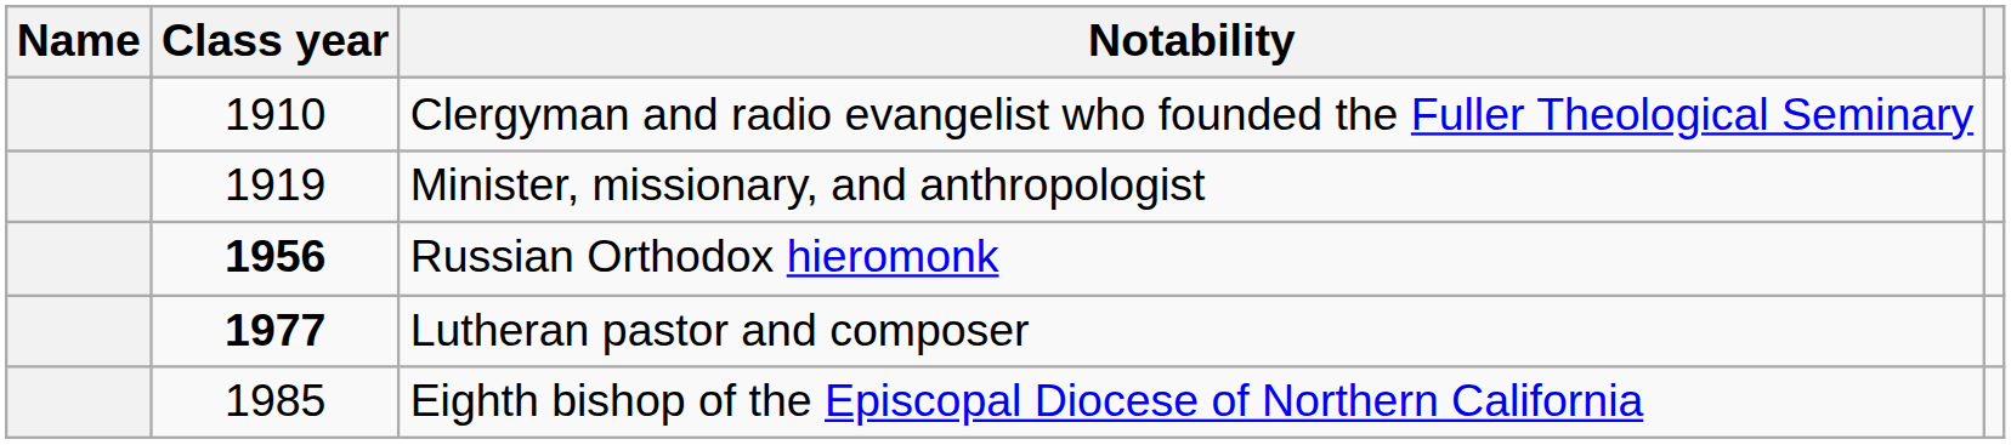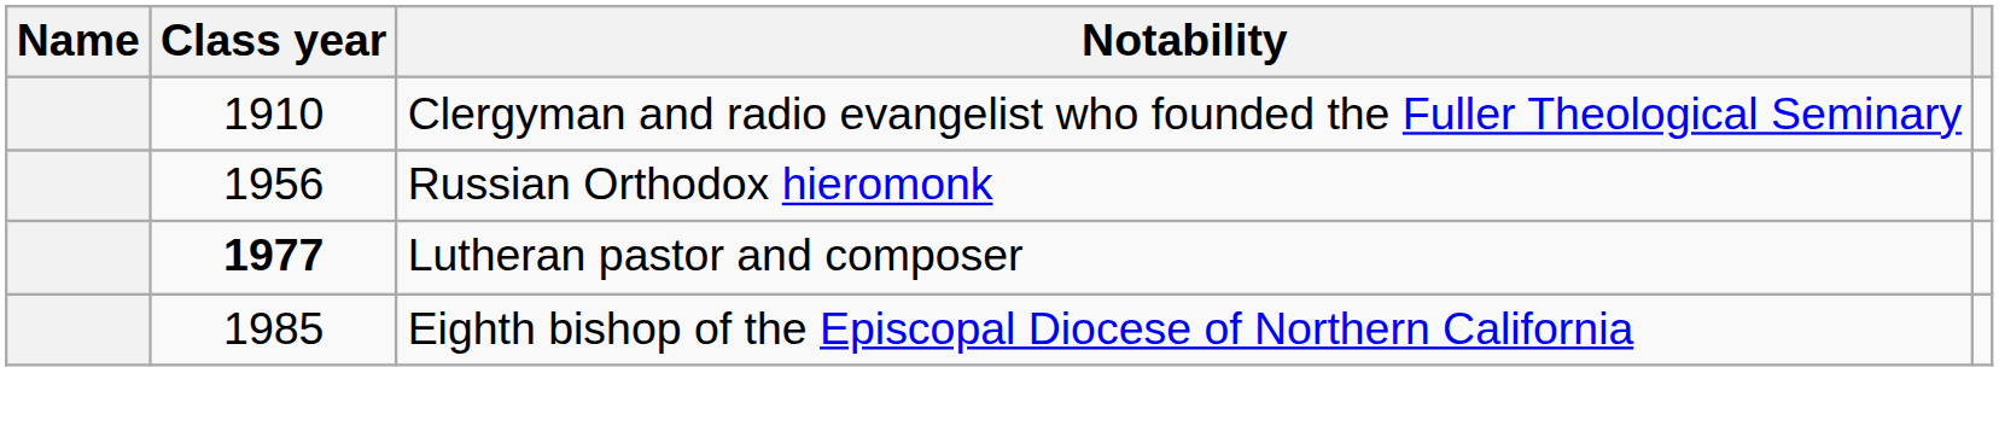 <table class="wikitable sortable plainrowheaders" style="text-align:center; border:2px solid #">
 <tr>
 <th scope="col">Name</th>
 <th scope="col">Class year</th>
 <th scope="col">Notability</th>
 <th scope="col"></th>
 </tr>
 <tr>
 <th scope="row"></th>
 <td>1910</td>
 <td style="text-align:left;">Clergyman and radio evangelist who founded the <a href='#'>Fuller Theological Seminary</a></td>
 <td></td>
 </tr>
 <tr>
 <th scope="row"></th>
-<td>1919</td>
-<td style="text-align:left;">Minister, missionary, and anthropologist</td>
-<td></td>
-</tr>
-<tr>
-<th scope="row"></th>
-<td><strong>1956</strong></td>
+<td>1956</td>
 <td style="text-align:left;">Russian Orthodox <a href='#'>hieromonk</a></td>
 <td></td>
 </tr>
 <tr>
 <th scope="row"></th>
 <td><strong>1977</strong></td>
 <td style="text-align:left;">Lutheran pastor and composer</td>
 <td></td>
 </tr>
 <tr>
 <th scope="row"></th>
 <td>1985</td>
 <td style="text-align:left;">Eighth bishop of the <a href='#'>Episcopal Diocese of Northern California</a></td>
 <td></td>
 </tr>
 </table>
